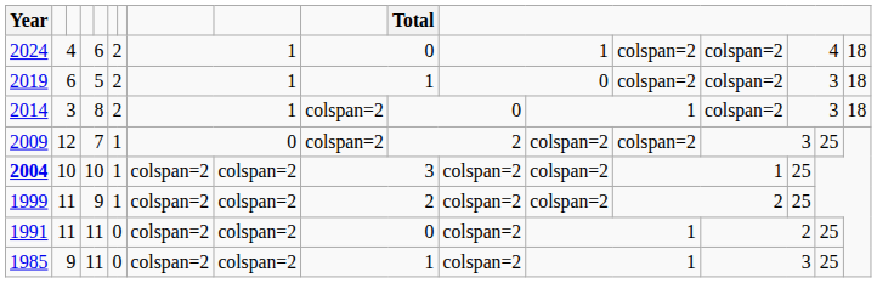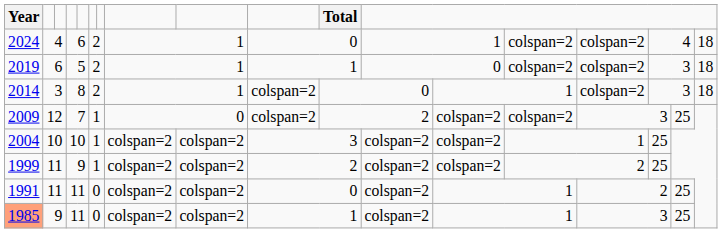 <table class="wikitable" style="text-align:right; padding-left:1em">
 <tr>
 <th align="left">Year</th>
 <td></td>
 <td></td>
 <td></td>
 <td></td>
 <td></td>
 <td></td>
 <td></td>
 <td></td>
 <td></td>
 <th align="left">Total</th>
 </tr>
 <tr>
 <td align=left><a href='#'>2024</a></td>
 <td colspan=2>4</td>
 <td colspan=2>6</td>
 <td colspan=2>2</td>
 <td colspan=2>1</td>
 <td colspan=2>0</td>
 <td colspan=2>1</td>
 <td>colspan=2 </td>
 <td>colspan=2 </td>
 <td colspan=2>4</td>
 <td>18</td>
 </tr>
 <tr>
 <td align=left><a href='#'>2019</a></td>
 <td colspan=2>6</td>
 <td colspan=2>5</td>
 <td colspan=2>2</td>
 <td colspan=2>1</td>
 <td colspan=2>1</td>
 <td colspan=2>0</td>
 <td>colspan=2 </td>
 <td>colspan=2 </td>
 <td colspan=2>3</td>
 <td>18</td>
 </tr>
 <tr>
 <td align=left><a href='#'>2014</a></td>
 <td colspan=2>3</td>
 <td colspan=2>8</td>
 <td colspan=2>2</td>
 <td colspan=2>1</td>
 <td>colspan=2 </td>
 <td colspan=2>0</td>
 <td colspan=2>1</td>
 <td>colspan=2 </td>
 <td colspan=2>3</td>
 <td>18</td>
 </tr>
 <tr>
 <td align=left><a href='#'>2009</a></td>
 <td colspan=2>12</td>
 <td colspan=2>7</td>
 <td colspan=2>1</td>
 <td colspan=2>0</td>
 <td>colspan=2 </td>
 <td colspan=2>2</td>
 <td>colspan=2 </td>
 <td>colspan=2 </td>
 <td colspan=2>3</td>
 <td>25</td>
 </tr>
 <tr>
-<td align=left><strong><a href='#'>2004</a></strong></td>
+<td align=left><a href='#'>2004</a></td>
 <td colspan=2>10</td>
 <td colspan=2>10</td>
 <td colspan=2>1</td>
 <td>colspan=2 </td>
 <td>colspan=2 </td>
 <td colspan=2>3</td>
 <td>colspan=2 </td>
 <td>colspan=2 </td>
 <td colspan=2>1</td>
 <td>25</td>
 </tr>
 <tr>
 <td align=left><a href='#'>1999</a></td>
 <td colspan=2>11</td>
 <td colspan=2>9</td>
 <td colspan=2>1</td>
 <td>colspan=2 </td>
 <td>colspan=2 </td>
 <td colspan=2>2</td>
 <td>colspan=2 </td>
 <td>colspan=2 </td>
 <td colspan=2>2</td>
 <td>25</td>
 </tr>
 <tr>
 <td align=left><a href='#'>1991</a></td>
 <td colspan=2>11</td>
 <td colspan=2>11</td>
 <td colspan=2>0</td>
 <td>colspan=2 </td>
 <td>colspan=2 </td>
 <td colspan=2>0</td>
 <td>colspan=2 </td>
 <td colspan=2>1</td>
 <td colspan=2>2</td>
 <td>25</td>
 </tr>
 <tr>
-<td align=left><a href='#'>1985</a></td>
+<td align=left style="background: lightsalmon;"><a href='#'>1985</a></td>
 <td colspan=2>9</td>
 <td colspan=2>11</td>
 <td colspan=2>0</td>
 <td>colspan=2 </td>
 <td>colspan=2 </td>
 <td colspan=2>1</td>
 <td>colspan=2 </td>
 <td colspan=2>1</td>
 <td colspan=2>3</td>
 <td>25</td>
 </tr>
 </table>
